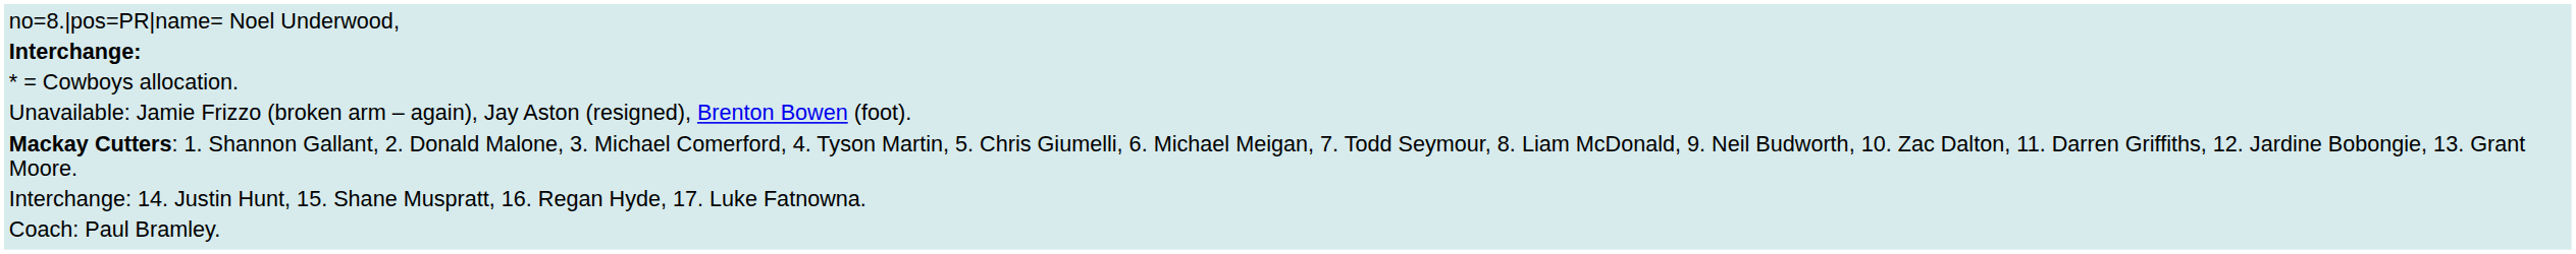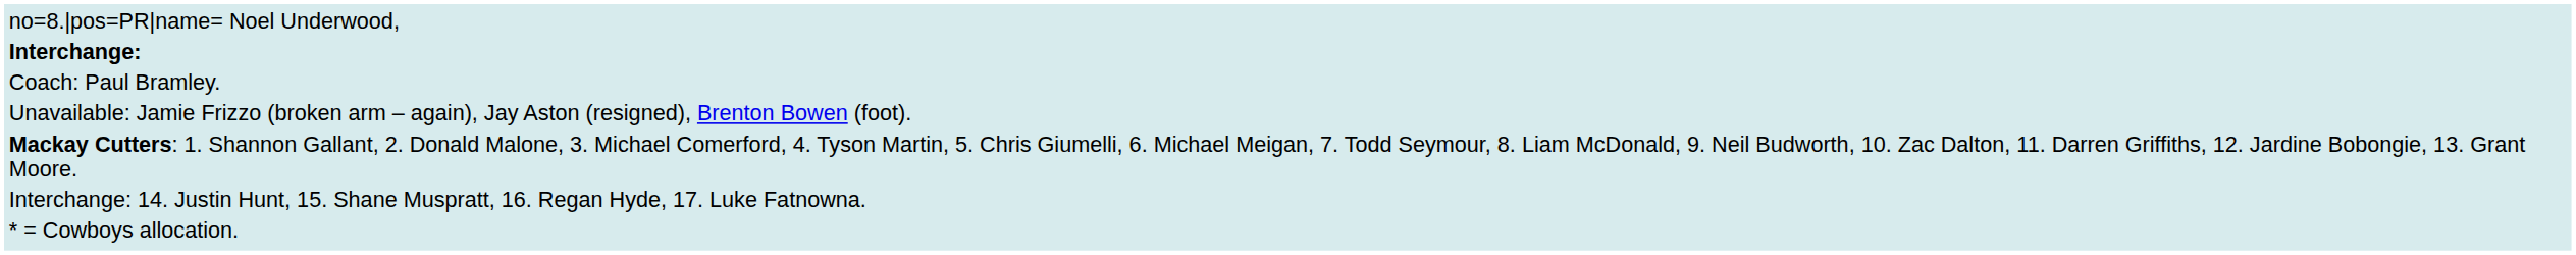 <table style="background:#d7ebed; font-size:85%; width:100%;">
 <tr>
 <td>no=8.|pos=PR|name= Noel Underwood,     </td>
 </tr>
 <tr>
 <td><strong>Interchange:    </strong></td>
 </tr>
 <tr>
-<td>* = Cowboys allocation.</td>
+<td>Coach: Paul Bramley.</td>
 </tr>
 <tr>
 <td>Unavailable: Jamie Frizzo (broken arm – again), Jay Aston (resigned), <a href='#'>Brenton Bowen</a> (foot).</td>
 </tr>
 <tr>
 <td><strong>Mackay Cutters</strong>: 1. Shannon Gallant, 2. Donald Malone, 3. Michael Comerford, 4. Tyson Martin, 5. Chris Giumelli, 6. Michael Meigan, 7. Todd Seymour, 8. Liam McDonald, 9. Neil Budworth, 10. Zac Dalton, 11. Darren Griffiths, 12. Jardine Bobongie, 13. Grant Moore.</td>
 </tr>
 <tr>
 <td>Interchange: 14. Justin Hunt, 15. Shane Muspratt, 16. Regan Hyde, 17. Luke Fatnowna.</td>
 </tr>
 <tr>
-<td>Coach: Paul Bramley.</td>
+<td>* = Cowboys allocation.</td>
 </tr>
 <tr>
 </tr>
 </table>
